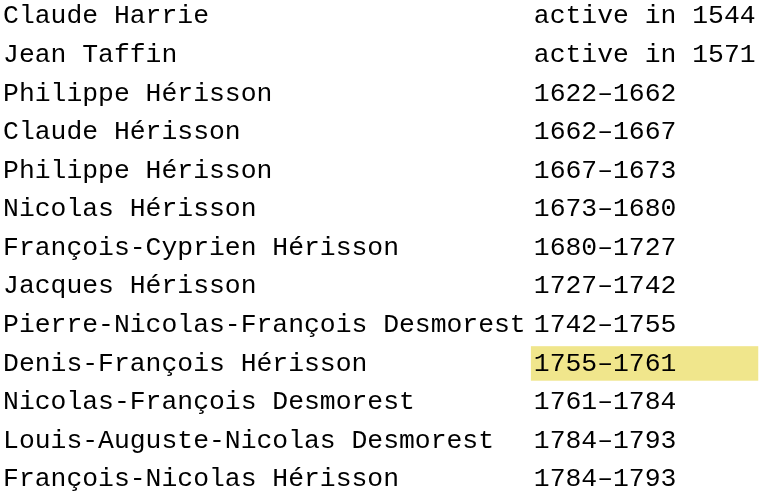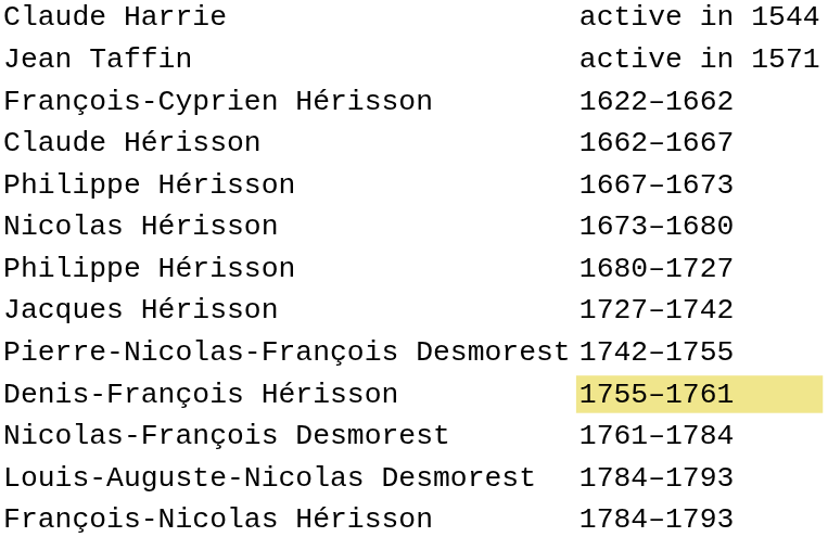 <table>
 <tr>
 <td>Claude Harrie</td>
 <td>active in 1544</td>
 </tr>
 <tr>
 <td>Jean Taffin</td>
 <td>active in 1571</td>
 </tr>
 <tr>
-<td>Philippe Hérisson</td>
+<td>François-Cyprien Hérisson</td>
 <td>1622–1662</td>
 </tr>
 <tr>
 <td>Claude Hérisson</td>
 <td>1662–1667</td>
 </tr>
 <tr>
 <td>Philippe Hérisson</td>
 <td>1667–1673</td>
 </tr>
 <tr>
 <td>Nicolas Hérisson</td>
 <td>1673–1680</td>
 </tr>
 <tr>
-<td>François-Cyprien Hérisson</td>
+<td>Philippe Hérisson</td>
 <td>1680–1727</td>
 </tr>
 <tr>
 <td>Jacques Hérisson</td>
 <td>1727–1742</td>
 </tr>
 <tr>
 <td>Pierre-Nicolas-François Desmorest</td>
 <td>1742–1755</td>
 </tr>
 <tr>
 <td>Denis-François Hérisson</td>
 <td style="background: khaki;">1755–1761</td>
 </tr>
 <tr>
 <td>Nicolas-François Desmorest</td>
 <td>1761–1784</td>
 </tr>
 <tr>
 <td>Louis-Auguste-Nicolas Desmorest</td>
 <td>1784–1793</td>
 </tr>
 <tr>
 <td>François-Nicolas Hérisson</td>
 <td>1784–1793</td>
 </tr>
 </table>
